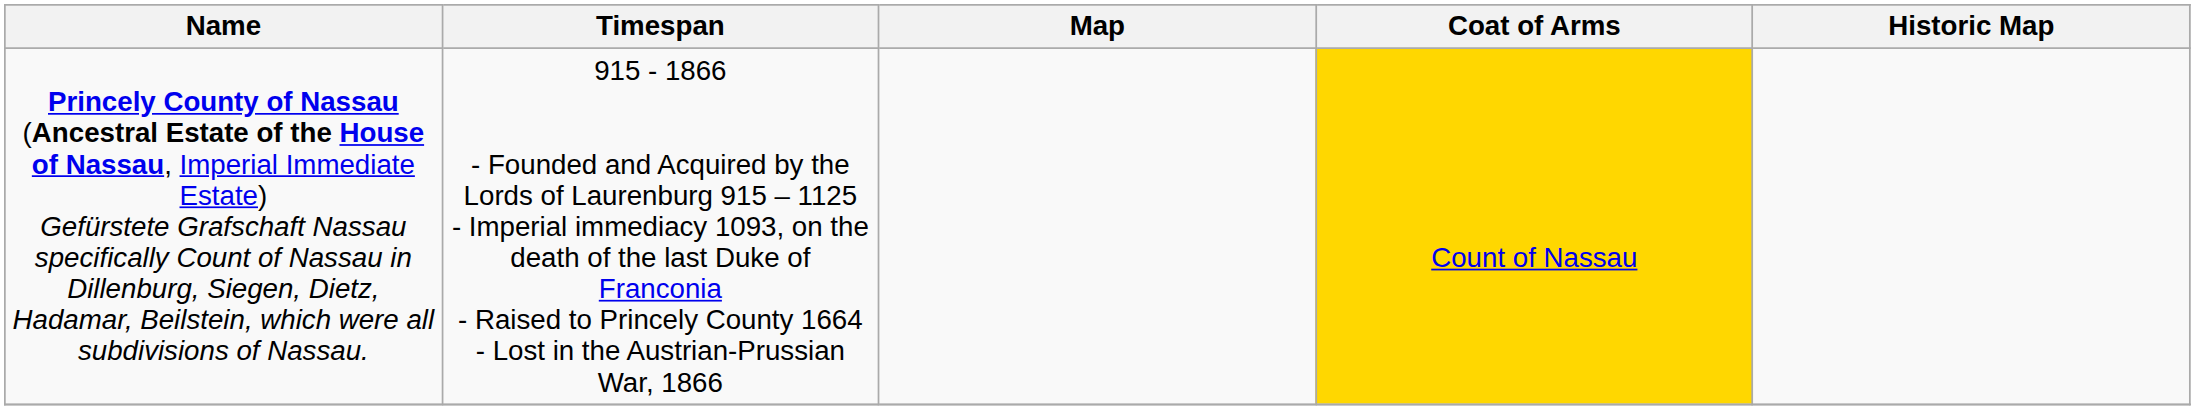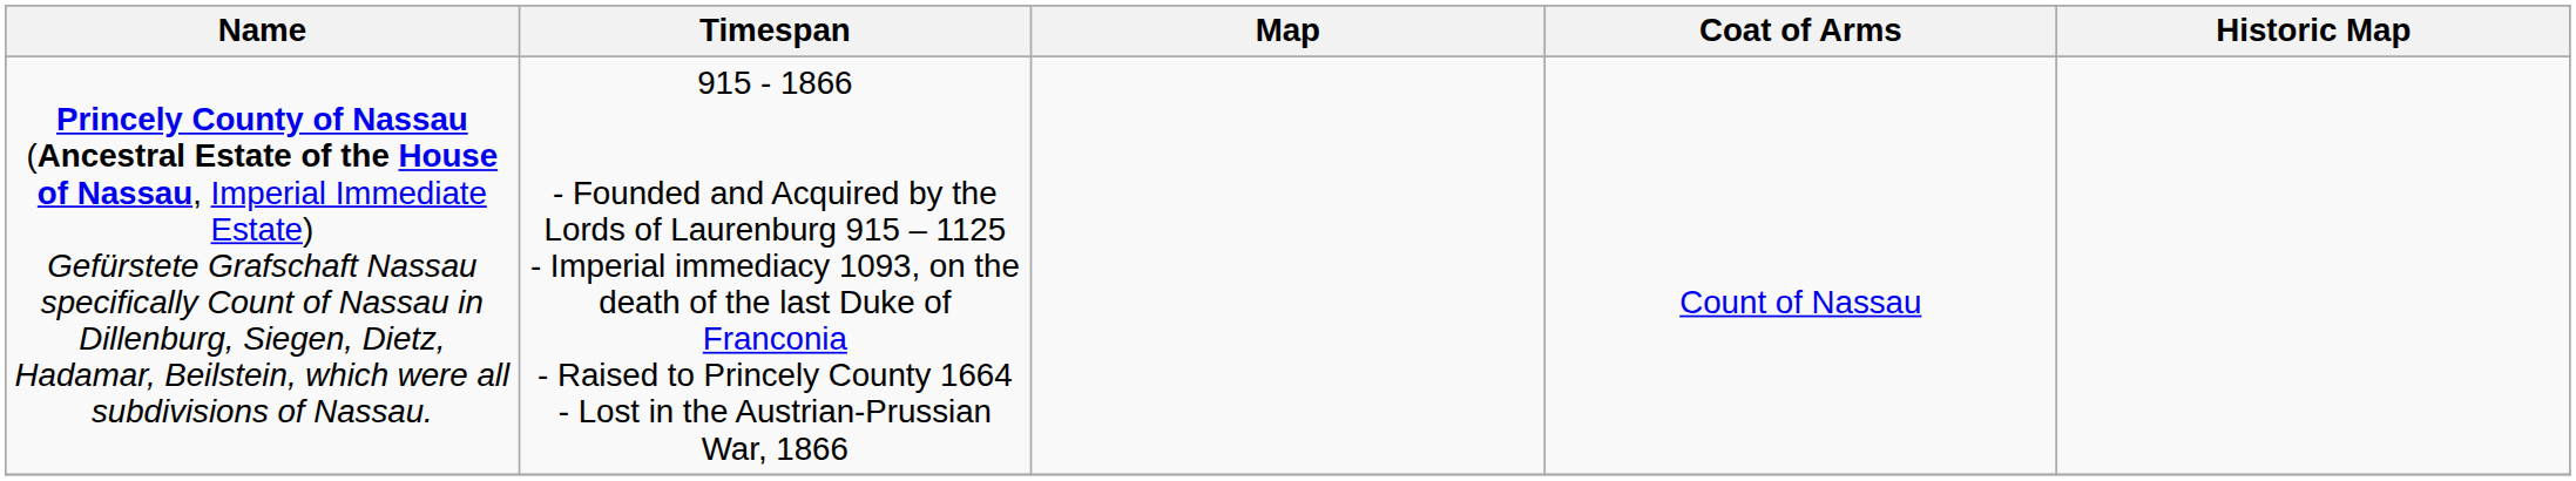 <table class="wikitable" style="text-align:center; width:100%">
 <tr>
 <th width=20%>Name</th>
 <th width=20%>Timespan</th>
 <th width=20%>Map</th>
 <th width=20%>Coat of Arms</th>
 <th width=20%>Historic Map</th>
 </tr>
 <tr>
 <td><strong><a href='#'>Princely County of Nassau</a></strong><br>(<strong>Ancestral Estate of the <a href='#'>House of Nassau</a></strong>, <a href='#'>Imperial Immediate Estate</a>)<br><em>Gefürstete Grafschaft Nassau</em><br> <em>specifically Count of Nassau in Dillenburg, Siegen, Dietz, Hadamar, Beilstein, which were all subdivisions of Nassau.</em></td>
 <td>915 - 1866<br><br><br>- Founded and Acquired by the Lords of Laurenburg	915 – 1125<br> - Imperial immediacy 1093, on the death of the last Duke of <a href='#'>Franconia</a><br> - Raised to Princely County	1664<br> - Lost in the Austrian-Prussian War, 1866</td>
 <td></td>
-<td style="background: gold;"><br><br><a href='#'>Count of Nassau</a></td>
+<td><br><br><a href='#'>Count of Nassau</a></td>
 <td></td>
 </tr>
 <tr>
 </tr>
 </table>
